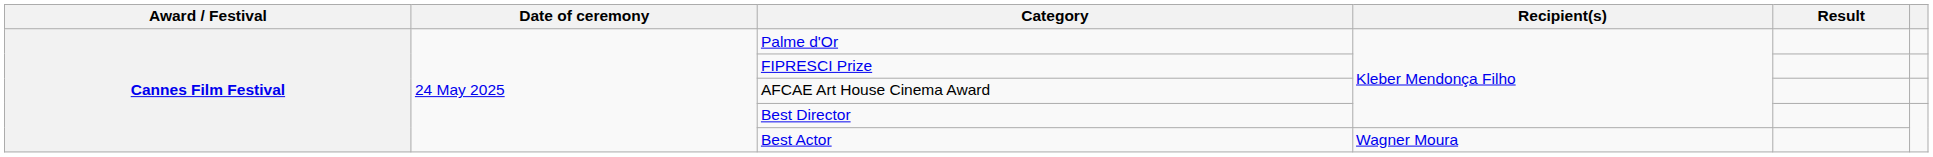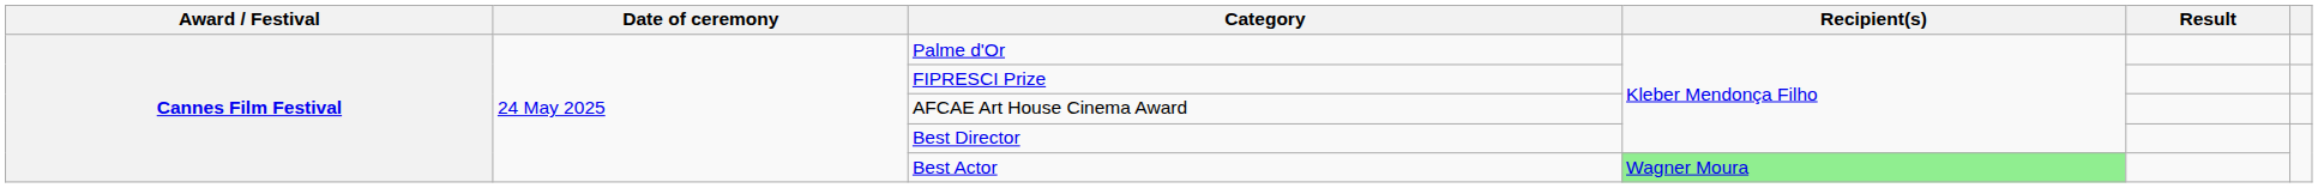 <table class="wikitable sortable plainrowheaders" style="width: 100%;">
 <tr>
 <th scope="col">Award / Festival</th>
 <th scope="col">Date of ceremony</th>
 <th scope="col">Category</th>
 <th scope="col">Recipient(s)</th>
 <th scope="col">Result</th>
 <th scope="col" class="unsortable"></th>
 </tr>
 <tr>
 <th rowspan="5" scope="row"><a href='#'>Cannes Film Festival</a></th>
 <td rowspan="5"><a href='#'>24 May 2025</a></td>
 <td><a href='#'>Palme d'Or</a></td>
 <td rowspan="4"><a href='#'>Kleber Mendonça Filho</a></td>
 <td></td>
 <td align="center"></td>
 </tr>
 <tr>
 <td><a href='#'>FIPRESCI Prize</a></td>
 <td></td>
 <td align="center"></td>
 </tr>
 <tr>
 <td>AFCAE Art House Cinema Award</td>
 <td></td>
 <td align="center"></td>
 </tr>
 <tr>
 <td><a href='#'>Best Director</a></td>
 <td></td>
 <td align="center" rowspan="2"></td>
 </tr>
 <tr>
 <td><a href='#'>Best Actor</a></td>
-<td><a href='#'>Wagner Moura</a></td>
+<td style="background: lightgreen;"><a href='#'>Wagner Moura</a></td>
 <td></td>
 </tr>
 </table>
